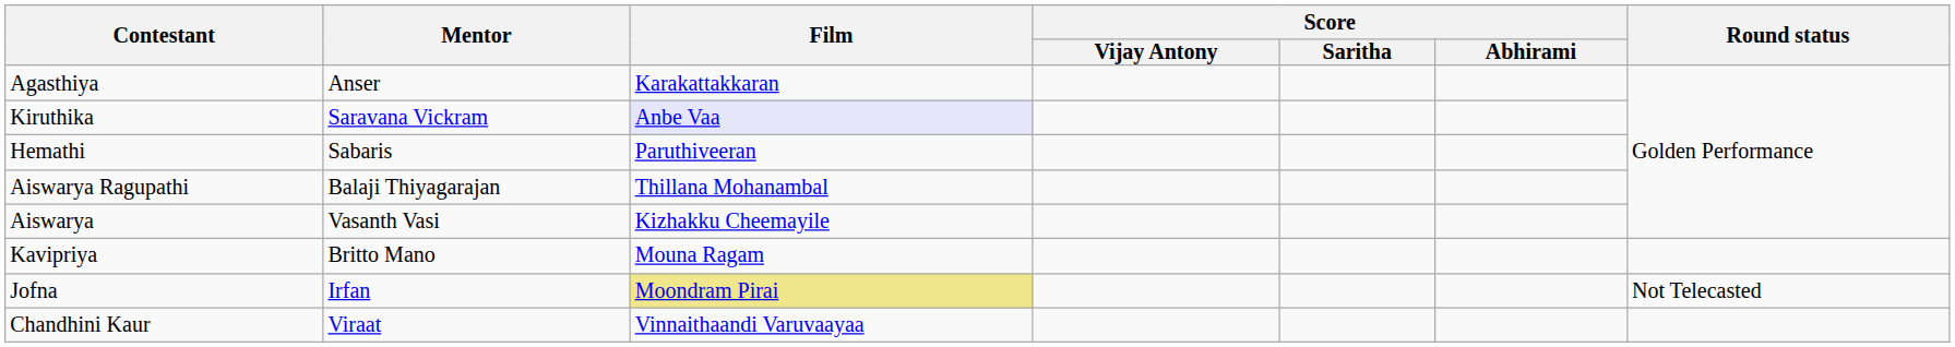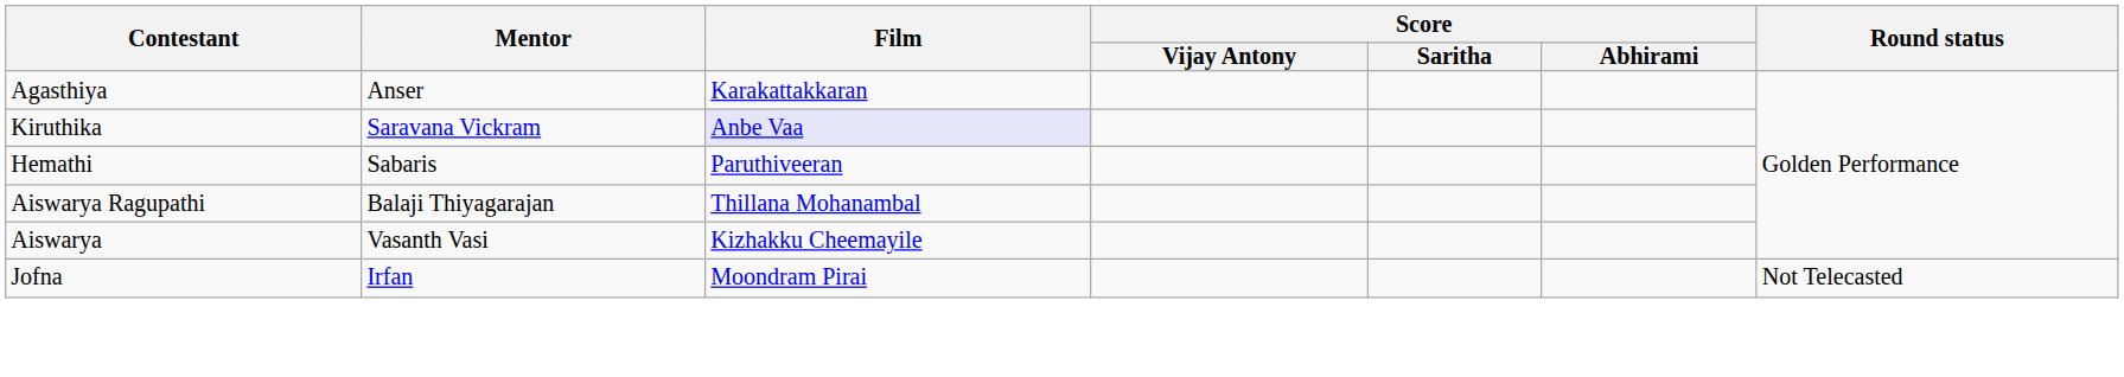 <table class="wikitable" style="align: center;" width="90%">
 <tr>
 <th rowspan="2">Contestant</th>
 <th rowspan="2">Mentor</th>
 <th rowspan="2">Film</th>
 <th colspan="3">Score</th>
 <th rowspan="2">Round status</th>
 </tr>
 <tr>
 <th style="padding: 0 8px">Vijay Antony</th>
 <th style="padding: 0 8px">Saritha</th>
 <th style="padding: 0 8px">Abhirami</th>
 </tr>
 <tr>
 <td>Agasthiya</td>
 <td>Anser</td>
 <td><a href='#'>Karakattakkaran</a></td>
 <td></td>
 <td></td>
 <td></td>
 <td rowspan=5>Golden Performance</td>
 </tr>
 <tr>
 <td>Kiruthika</td>
 <td><a href='#'>Saravana Vickram</a></td>
 <td style="background: lavender;"><a href='#'>Anbe Vaa</a></td>
 <td></td>
 <td></td>
 <td></td>
 </tr>
 <tr>
 <td>Hemathi</td>
 <td>Sabaris</td>
 <td><a href='#'>Paruthiveeran</a></td>
 <td></td>
 <td></td>
 <td></td>
 </tr>
 <tr>
 <td>Aiswarya Ragupathi</td>
 <td>Balaji Thiyagarajan</td>
 <td><a href='#'>Thillana Mohanambal</a></td>
 <td></td>
 <td></td>
 <td></td>
 </tr>
 <tr>
 <td>Aiswarya</td>
 <td>Vasanth Vasi</td>
 <td><a href='#'>Kizhakku Cheemayile</a></td>
 <td></td>
 <td></td>
 <td></td>
 </tr>
 <tr>
-<td>Kavipriya</td>
-<td>Britto Mano</td>
-<td><a href='#'>Mouna Ragam</a></td>
-<td></td>
-<td></td>
-<td></td>
-<td></td>
-</tr>
-<tr>
 <td>Jofna</td>
 <td><a href='#'>Irfan</a></td>
-<td style="background: khaki;"><a href='#'>Moondram Pirai</a></td>
+<td><a href='#'>Moondram Pirai</a></td>
 <td></td>
 <td></td>
 <td></td>
 <td>Not Telecasted</td>
 </tr>
-<tr>
-<td>Chandhini Kaur</td>
-<td><a href='#'>Viraat</a></td>
-<td><a href='#'>Vinnaithaandi Varuvaayaa</a></td>
-<td></td>
-<td></td>
-<td></td>
-<td></td>
-</tr>
 </table>
